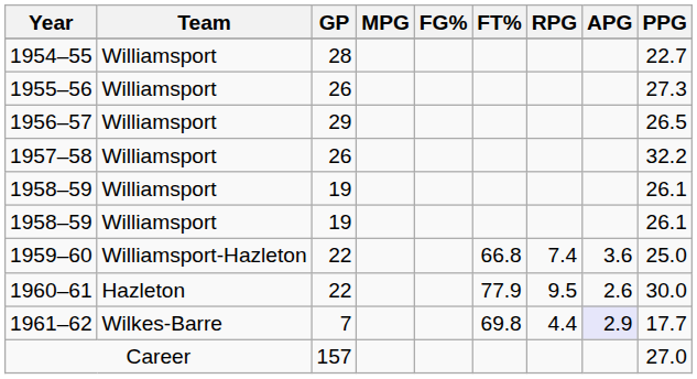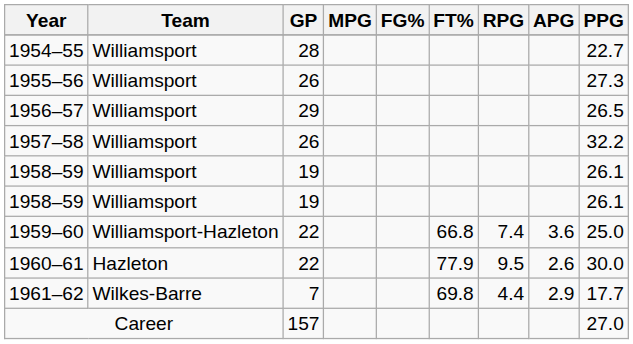 <table class="wikitable sortable" style="font-size:95%; text-align:right;">
 <tr>
 <th>Year</th>
 <th>Team</th>
 <th>GP</th>
 <th>MPG</th>
 <th>FG%</th>
 <th>FT%</th>
 <th>RPG</th>
 <th>APG</th>
 <th>PPG</th>
 </tr>
 <tr>
 </tr>
 <tr class="sortbottom">
 <td style="text-align:left;">1954–55</td>
 <td style="text-align:left;">Williamsport</td>
 <td>28</td>
 <td></td>
 <td></td>
 <td></td>
 <td></td>
 <td></td>
 <td>22.7</td>
 </tr>
 <tr class="sortbottom">
 <td style="text-align:left;">1955–56</td>
 <td style="text-align:left;">Williamsport</td>
 <td>26</td>
 <td></td>
 <td></td>
 <td></td>
 <td></td>
 <td></td>
 <td>27.3</td>
 </tr>
 <tr class="sortbottom">
 <td style="text-align:left;">1956–57</td>
 <td style="text-align:left;">Williamsport</td>
 <td>29</td>
 <td></td>
 <td></td>
 <td></td>
 <td></td>
 <td></td>
 <td>26.5</td>
 </tr>
 <tr class="sortbottom">
 <td style="text-align:left;">1957–58</td>
 <td style="text-align:left;">Williamsport</td>
 <td>26</td>
 <td></td>
 <td></td>
 <td></td>
 <td></td>
 <td></td>
 <td>32.2</td>
 </tr>
 <tr class="sortbottom">
 <td style="text-align:left;">1958–59</td>
 <td style="text-align:left;">Williamsport</td>
 <td>19</td>
 <td></td>
 <td></td>
 <td></td>
 <td></td>
 <td></td>
 <td>26.1</td>
 </tr>
 <tr class="sortbottom">
 <td style="text-align:left;">1958–59</td>
 <td style="text-align:left;">Williamsport</td>
 <td>19</td>
 <td></td>
 <td></td>
 <td></td>
 <td></td>
 <td></td>
 <td>26.1</td>
 </tr>
 <tr class="sortbottom">
 <td style="text-align:left;">1959–60</td>
 <td style="text-align:left;">Williamsport-Hazleton</td>
 <td>22</td>
 <td></td>
 <td></td>
 <td>66.8</td>
 <td>7.4</td>
 <td>3.6</td>
 <td>25.0</td>
 </tr>
 <tr class="sortbottom">
 <td style="text-align:left;">1960–61</td>
 <td style="text-align:left;">Hazleton</td>
 <td>22</td>
 <td></td>
 <td></td>
 <td>77.9</td>
 <td>9.5</td>
 <td>2.6</td>
 <td>30.0</td>
 </tr>
 <tr class="sortbottom">
 <td style="text-align:left;">1961–62</td>
 <td style="text-align:left;">Wilkes-Barre</td>
 <td>7</td>
 <td></td>
 <td></td>
 <td>69.8</td>
 <td>4.4</td>
-<td style="background: lavender;">2.9</td>
+<td>2.9</td>
 <td>17.7</td>
 </tr>
 <tr class="sortbottom">
 <td colspan="2" style="text-align:center;">Career</td>
 <td>157</td>
 <td></td>
 <td></td>
 <td></td>
 <td></td>
 <td></td>
 <td>27.0</td>
 </tr>
 </table>
